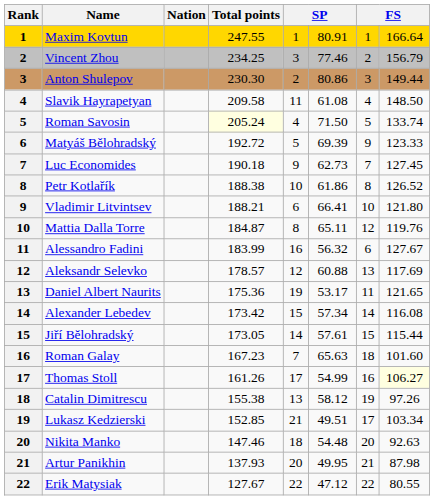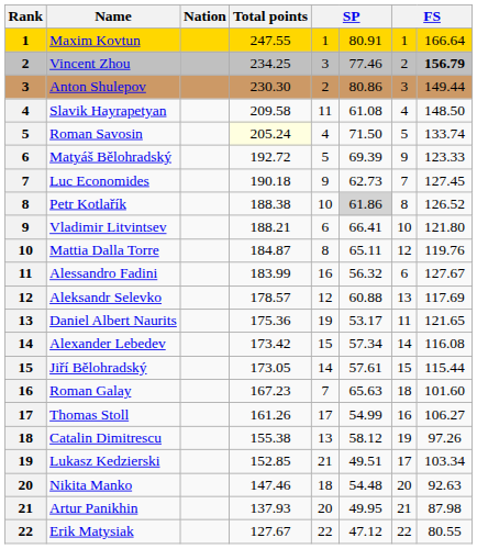 <table class="wikitable sortable">
 <tr>
 <th>Rank</th>
 <th>Name</th>
 <th>Nation</th>
 <th>Total points</th>
 <th colspan="2" width="80px"><a href='#'>SP</a></th>
 <th colspan="2" width="80px"><a href='#'>FS</a></th>
 </tr>
 <tr bgcolor="gold">
 <td align="center"><strong>1</strong></td>
 <td><a href='#'>Maxim Kovtun</a></td>
 <td></td>
 <td align="center">247.55</td>
 <td align="center">1</td>
 <td align="center">80.91</td>
 <td align="center">1</td>
 <td align="center">166.64</td>
 </tr>
 <tr bgcolor="silver">
 <td align="center"><strong>2</strong></td>
 <td><a href='#'>Vincent Zhou</a></td>
 <td></td>
 <td align="center">234.25</td>
 <td align="center">3</td>
 <td align="center">77.46</td>
 <td align="center">2</td>
-<td align="center">156.79</td>
+<td align="center"><strong>156.79</strong></td>
 </tr>
 <tr bgcolor="cc9966">
 <td align="center"><strong>3</strong></td>
 <td><a href='#'>Anton Shulepov</a></td>
 <td></td>
 <td align="center">230.30</td>
 <td align="center">2</td>
 <td align="center">80.86</td>
 <td align="center">3</td>
 <td align="center">149.44</td>
 </tr>
 <tr>
 <th>4</th>
 <td><a href='#'>Slavik Hayrapetyan</a></td>
 <td></td>
 <td align="center">209.58</td>
 <td align="center">11</td>
 <td align="center">61.08</td>
 <td align="center">4</td>
 <td align="center">148.50</td>
 </tr>
 <tr>
 <th>5</th>
 <td><a href='#'>Roman Savosin</a></td>
 <td></td>
 <td align="center" style="background: lightyellow;">205.24</td>
 <td align="center">4</td>
 <td align="center">71.50</td>
 <td align="center">5</td>
 <td align="center">133.74</td>
 </tr>
 <tr>
 <th>6</th>
 <td><a href='#'>Matyáš Bělohradský</a></td>
 <td></td>
 <td align="center">192.72</td>
 <td align="center">5</td>
 <td align="center">69.39</td>
 <td align="center">9</td>
 <td align="center">123.33</td>
 </tr>
 <tr>
 <th>7</th>
 <td><a href='#'>Luc Economides</a></td>
 <td></td>
 <td align="center">190.18</td>
 <td align="center">9</td>
 <td align="center">62.73</td>
 <td align="center">7</td>
 <td align="center">127.45</td>
 </tr>
 <tr>
 <th>8</th>
 <td><a href='#'>Petr Kotlařík</a></td>
 <td></td>
 <td align="center">188.38</td>
 <td align="center">10</td>
-<td align="center">61.86</td>
+<td align="center" style="background: lightgrey;">61.86</td>
 <td align="center">8</td>
 <td align="center">126.52</td>
 </tr>
 <tr>
 <th>9</th>
 <td><a href='#'>Vladimir Litvintsev</a></td>
 <td></td>
 <td align="center">188.21</td>
 <td align="center">6</td>
 <td align="center">66.41</td>
 <td align="center">10</td>
 <td align="center">121.80</td>
 </tr>
 <tr>
 <th>10</th>
 <td><a href='#'>Mattia Dalla Torre</a></td>
 <td></td>
 <td align="center">184.87</td>
 <td align="center">8</td>
 <td align="center">65.11</td>
 <td align="center">12</td>
 <td align="center">119.76</td>
 </tr>
 <tr>
 <th>11</th>
 <td><a href='#'>Alessandro Fadini</a></td>
 <td></td>
 <td align="center">183.99</td>
 <td align="center">16</td>
 <td align="center">56.32</td>
 <td align="center">6</td>
 <td align="center">127.67</td>
 </tr>
 <tr>
 <th>12</th>
 <td><a href='#'>Aleksandr Selevko</a></td>
 <td></td>
 <td align="center">178.57</td>
 <td align="center">12</td>
 <td align="center">60.88</td>
 <td align="center">13</td>
 <td align="center">117.69</td>
 </tr>
 <tr>
 <th>13</th>
 <td><a href='#'>Daniel Albert Naurits</a></td>
 <td></td>
 <td align="center">175.36</td>
 <td align="center">19</td>
 <td align="center">53.17</td>
 <td align="center">11</td>
 <td align="center">121.65</td>
 </tr>
 <tr>
 <th>14</th>
 <td><a href='#'>Alexander Lebedev</a></td>
 <td></td>
 <td align="center">173.42</td>
 <td align="center">15</td>
 <td align="center">57.34</td>
 <td align="center">14</td>
 <td align="center">116.08</td>
 </tr>
 <tr>
 <th>15</th>
 <td><a href='#'>Jiří Bĕlohradský</a></td>
 <td></td>
 <td align="center">173.05</td>
 <td align="center">14</td>
 <td align="center">57.61</td>
 <td align="center">15</td>
 <td align="center">115.44</td>
 </tr>
 <tr>
 <th>16</th>
 <td><a href='#'>Roman Galay</a></td>
 <td></td>
 <td align="center">167.23</td>
 <td align="center">7</td>
 <td align="center">65.63</td>
 <td align="center">18</td>
 <td align="center">101.60</td>
 </tr>
 <tr>
 <th>17</th>
 <td><a href='#'>Thomas Stoll</a></td>
 <td></td>
 <td align="center">161.26</td>
 <td align="center">17</td>
 <td align="center">54.99</td>
 <td align="center">16</td>
-<td align="center" style="background: lightyellow;">106.27</td>
+<td align="center">106.27</td>
 </tr>
 <tr>
 <th>18</th>
 <td><a href='#'>Catalin Dimitrescu</a></td>
 <td></td>
 <td align="center">155.38</td>
 <td align="center">13</td>
 <td align="center">58.12</td>
 <td align="center">19</td>
 <td align="center">97.26</td>
 </tr>
 <tr>
 <th>19</th>
 <td><a href='#'>Lukasz Kedzierski</a></td>
 <td></td>
 <td align="center">152.85</td>
 <td align="center">21</td>
 <td align="center">49.51</td>
 <td align="center">17</td>
 <td align="center">103.34</td>
 </tr>
 <tr>
 <th>20</th>
 <td><a href='#'>Nikita Manko</a></td>
 <td></td>
 <td align="center">147.46</td>
 <td align="center">18</td>
 <td align="center">54.48</td>
 <td align="center">20</td>
 <td align="center">92.63</td>
 </tr>
 <tr>
 <th>21</th>
 <td><a href='#'>Artur Panikhin</a></td>
 <td></td>
 <td align="center">137.93</td>
 <td align="center">20</td>
 <td align="center">49.95</td>
 <td align="center">21</td>
 <td align="center">87.98</td>
 </tr>
 <tr>
 <th>22</th>
 <td><a href='#'>Erik Matysiak</a></td>
 <td></td>
 <td align="center">127.67</td>
 <td align="center">22</td>
 <td align="center">47.12</td>
 <td align="center">22</td>
 <td align="center">80.55</td>
 </tr>
 </table>
